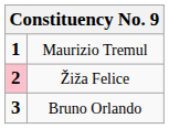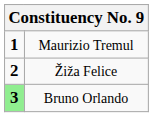 <table class="wikitable" style="text-align: center;">
 <tr>
 <th colspan="13"><strong>Constituency No. 9</strong></th>
 </tr>
 <tr>
 <td style="text-align:center;"><strong>1</strong></td>
 <td colspan="12"><small>Maurizio Tremul</small></td>
 </tr>
 <tr>
-<td style="background: pink; text-align:center;"><strong>2</strong></td>
+<td style="text-align:center;"><strong>2</strong></td>
 <td colspan="12"><small>Žiža Felice</small></td>
 </tr>
 <tr>
-<td style="text-align:center;"><strong>3</strong></td>
+<td style="background: lightgreen; text-align:center;"><strong>3</strong></td>
 <td colspan="12"><small>Bruno Orlando</small></td>
 </tr>
 </table>
